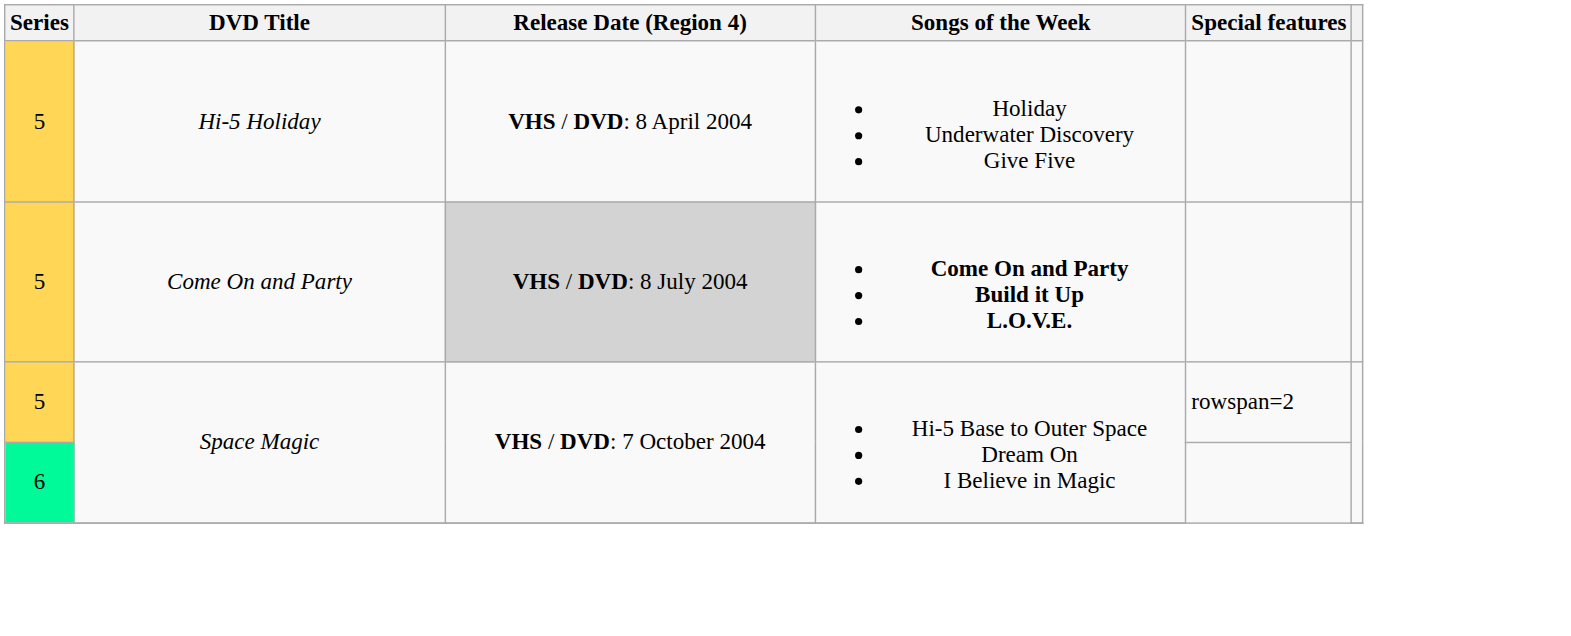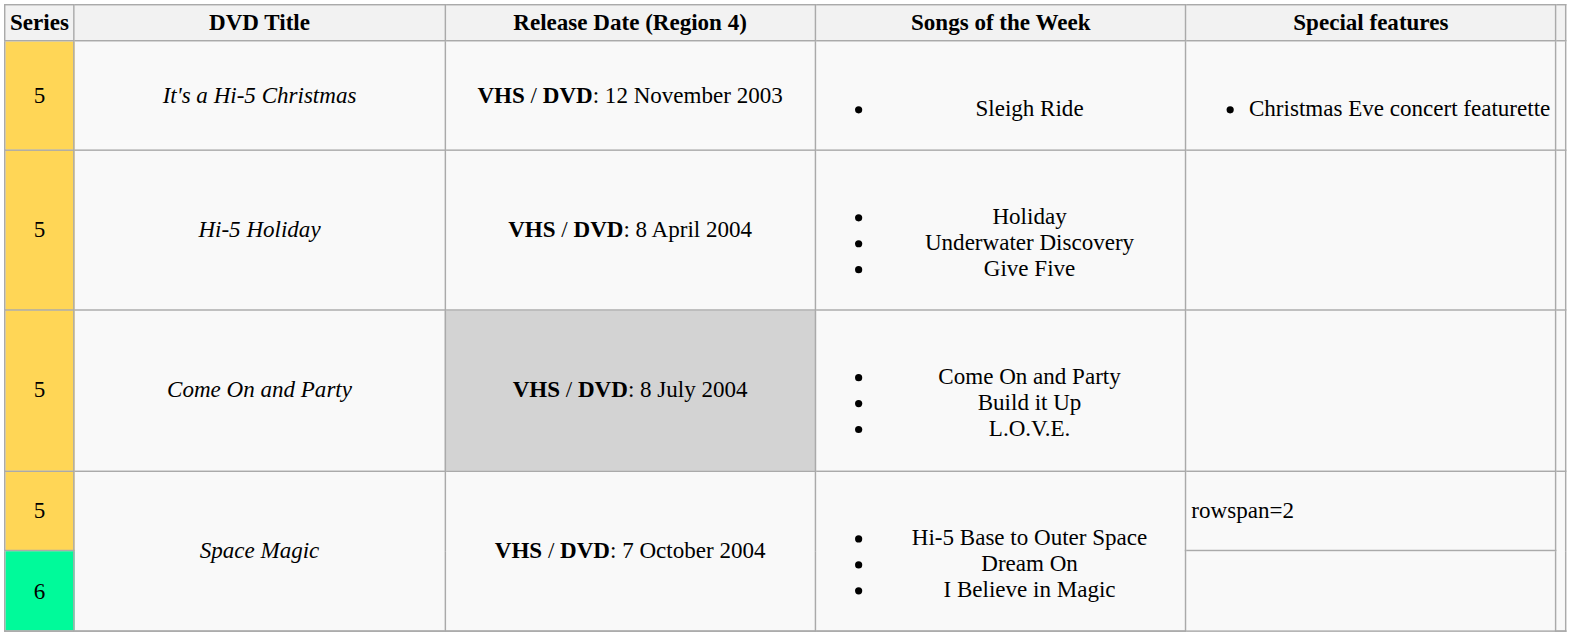 <table class="wikitable">
 <tr>
 <th>Series</th>
 <th style="width: 250px;">DVD Title</th>
 <th style="width: 250px;">Release Date (Region 4)</th>
 <th style="width: 250px;">Songs of the Week</th>
 <th>Special features</th>
 <th scope="col" class="unsortable"></th>
+</tr>
+<tr>
+<td style="background:#FFD656; height:10px; text-align:center">5</td>
+<td style="text-align:center"><em>It's a Hi-5 Christmas</em></td>
+<td style="text-align:center"><strong>VHS</strong> / <strong>DVD</strong>: 12 November 2003</td>
+<td style="text-align:center"><br><ul><li>Sleigh Ride</li></ul></td>
+<td style="text-align:center"><br><ul><li>Christmas Eve concert featurette</li></ul></td>
+<td style="text-align:center;"></td>
 </tr>
 <tr>
 <td style="background:#FFD656; height:10px; text-align:center">5</td>
 <td style="text-align:center"><em>Hi-5 Holiday</em></td>
 <td style="text-align:center"><strong>VHS</strong> / <strong>DVD</strong>: 8 April 2004</td>
 <td style="text-align:center"><br><ul><li>Holiday</li><li>Underwater Discovery</li><li>Give Five</li></ul></td>
 <td></td>
 <td style="text-align:center;"></td>
 </tr>
 <tr>
 <td style="background:#FFD656; height:10px; text-align:center">5</td>
 <td style="text-align:center"><em>Come On and Party</em></td>
 <td style="background: lightgrey; text-align:center"><strong>VHS</strong> / <strong>DVD</strong>: 8 July 2004</td>
-<td style="text-align:center"><strong><br><ul><li>Come On and Party</li><li>Build it Up</li><li>L.O.V.E.</li></ul></strong></td>
+<td style="text-align:center"><br><ul><li>Come On and Party</li><li>Build it Up</li><li>L.O.V.E.</li></ul></td>
 <td></td>
 <td style="text-align:center;"></td>
 </tr>
 <tr>
 <td style="background:#FFD656; height:10px; text-align:center">5</td>
 <td rowspan=2, style="text-align:center"><em>Space Magic</em></td>
 <td rowspan=2, style="text-align:center"><strong>VHS</strong> / <strong>DVD</strong>: 7 October 2004</td>
 <td rowspan=2, style="text-align:center"><br><ul><li>Hi-5 Base to Outer Space</li><li>Dream On</li><li>I Believe in Magic</li></ul></td>
 <td>rowspan=2 </td>
 <td style="text-align:center;" rowspan=2></td>
 </tr>
 <tr>
 <td style="background:#00FA9A; height:10px; text-align:center">6</td>
 </tr>
 <tr>
 </tr>
 </table>
